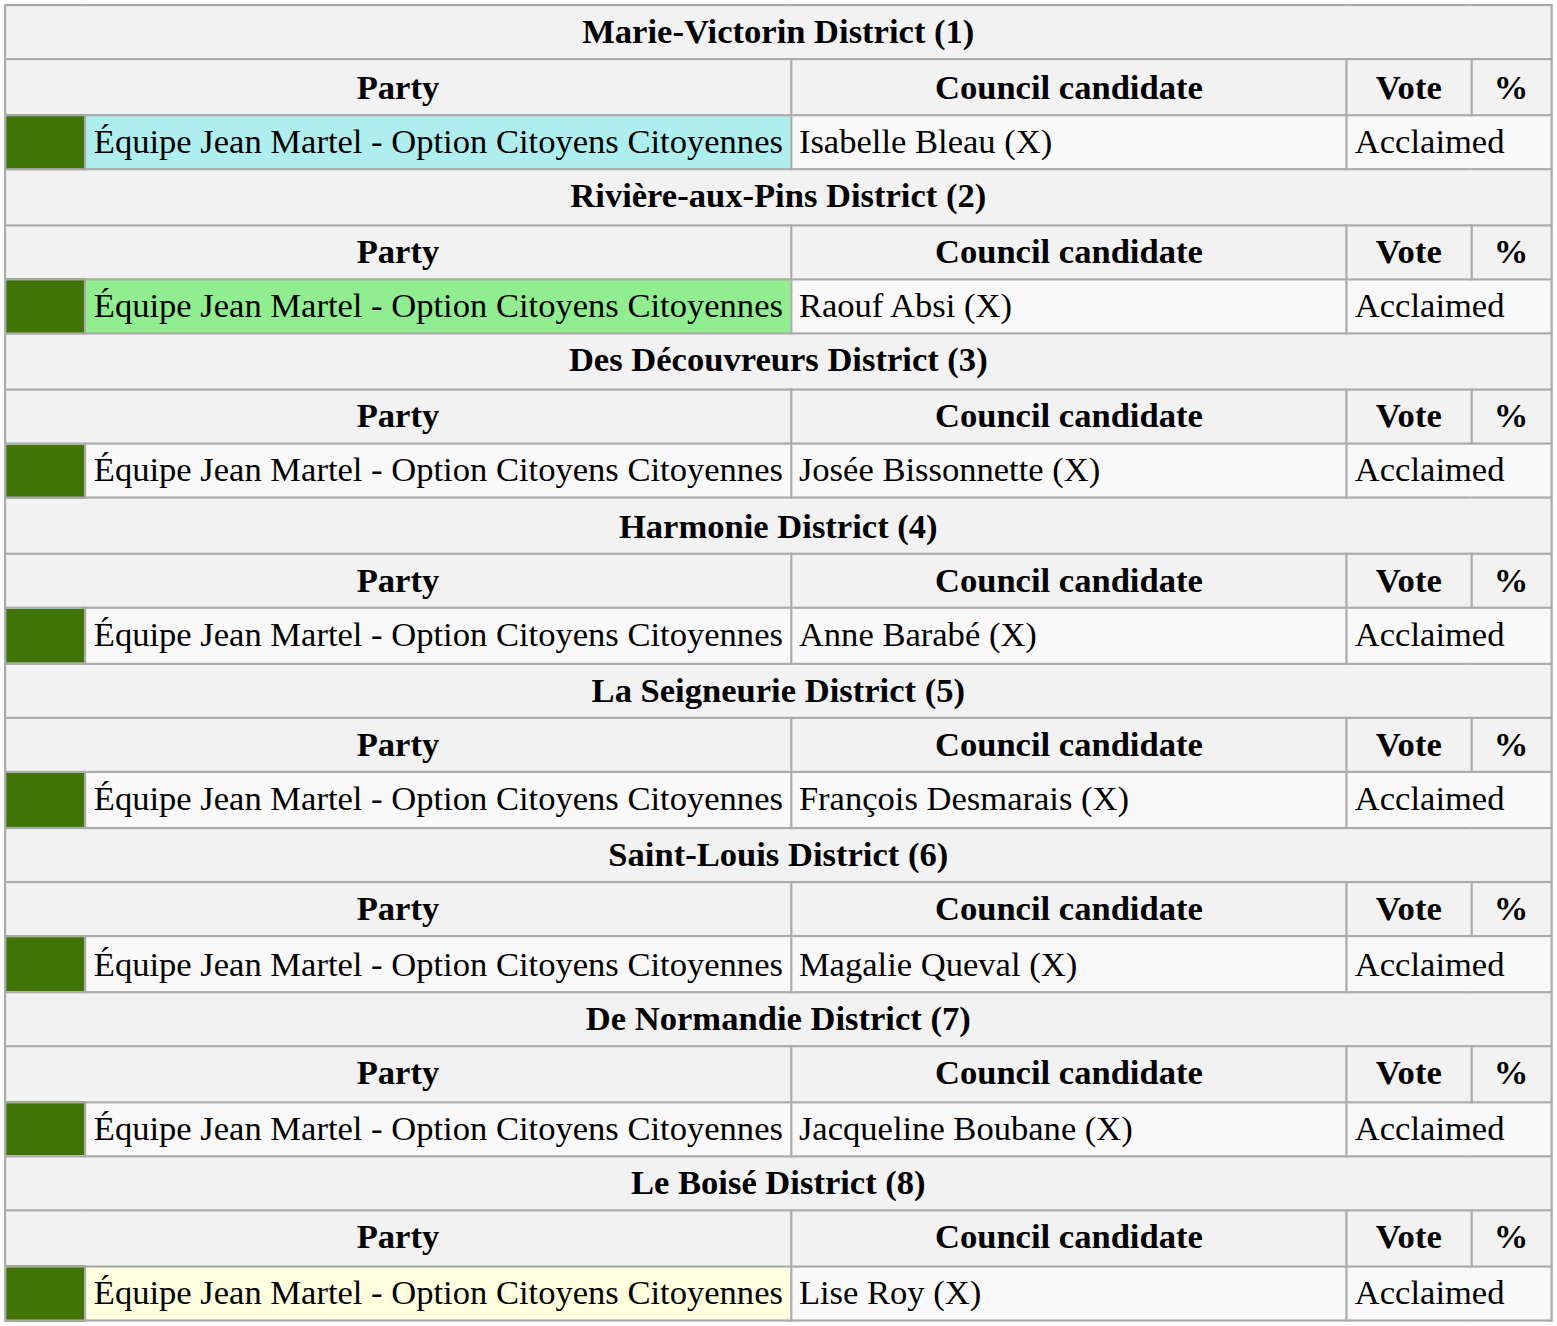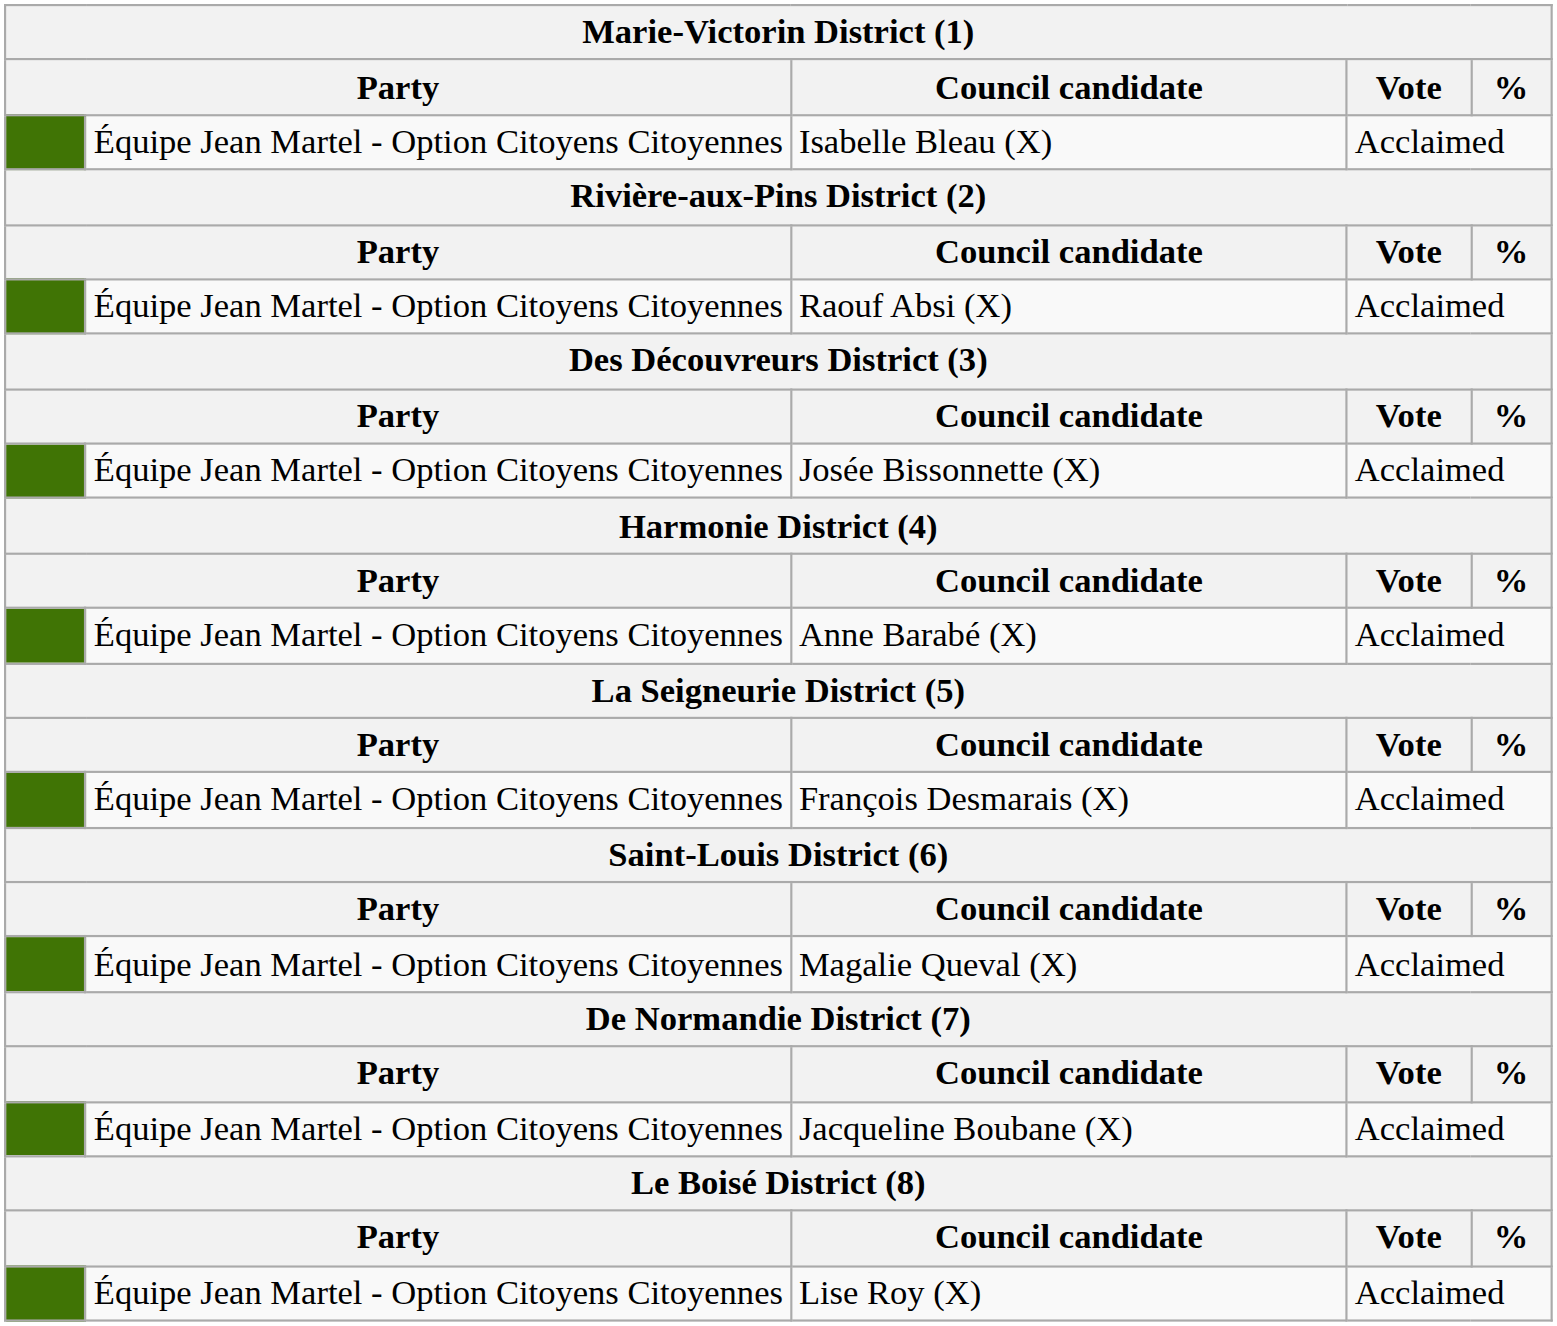 <table class="wikitable">
 <tr>
 <th colspan="5">Marie-Victorin District (1)</th>
 </tr>
 <tr>
 <th bgcolor="#DDDDFF" width="230px" colspan="2">Party</th>
 <th bgcolor="#DDDDFF" width="250px">Council candidate</th>
 <th bgcolor="#DDDDFF" width="50px">Vote</th>
 <th bgcolor="#DDDDFF" width="30px">%</th>
 </tr>
 <tr>
 <td bgcolor=#407405 width="30px"> </td>
-<td style="background: paleturquoise;">Équipe Jean Martel - Option Citoyens Citoyennes</td>
+<td>Équipe Jean Martel - Option Citoyens Citoyennes</td>
 <td>Isabelle Bleau  (X)</td>
 <td colspan="2">Acclaimed</td>
 </tr>
 <tr>
 <th colspan="5">Rivière-aux-Pins District (2)</th>
 </tr>
 <tr>
 <th bgcolor="#DDDDFF" width="230px" colspan="2">Party</th>
 <th bgcolor="#DDDDFF" width="250px">Council candidate</th>
 <th bgcolor="#DDDDFF" width="50px">Vote</th>
 <th bgcolor="#DDDDFF" width="30px">%</th>
 </tr>
 <tr>
 <td bgcolor=#407405 width="30px"> </td>
-<td style="background: lightgreen;">Équipe Jean Martel - Option Citoyens Citoyennes</td>
+<td>Équipe Jean Martel - Option Citoyens Citoyennes</td>
 <td>Raouf Absi  (X)</td>
 <td colspan="2">Acclaimed</td>
 </tr>
 <tr>
 <th colspan="5">Des Découvreurs District (3)</th>
 </tr>
 <tr>
 <th bgcolor="#DDDDFF" width="230px" colspan="2">Party</th>
 <th bgcolor="#DDDDFF" width="250px">Council candidate</th>
 <th bgcolor="#DDDDFF" width="50px">Vote</th>
 <th bgcolor="#DDDDFF" width="30px">%</th>
 </tr>
 <tr>
 <td bgcolor=#407405 width="30px"> </td>
 <td>Équipe Jean Martel - Option Citoyens Citoyennes</td>
 <td>Josée Bissonnette (X)</td>
 <td colspan="2">Acclaimed</td>
 </tr>
 <tr>
 <th colspan="5">Harmonie District (4)</th>
 </tr>
 <tr>
 <th bgcolor="#DDDDFF" width="230px" colspan="2">Party</th>
 <th bgcolor="#DDDDFF" width="250px">Council candidate</th>
 <th bgcolor="#DDDDFF" width="50px">Vote</th>
 <th bgcolor="#DDDDFF" width="30px">%</th>
 </tr>
 <tr>
 <td bgcolor=#407405 width="30px"> </td>
 <td>Équipe Jean Martel - Option Citoyens Citoyennes</td>
 <td>Anne Barabé (X)</td>
 <td colspan="2">Acclaimed</td>
 </tr>
 <tr>
 <th colspan="5">La Seigneurie District (5)</th>
 </tr>
 <tr>
 <th bgcolor="#DDDDFF" width="230px" colspan="2">Party</th>
 <th bgcolor="#DDDDFF" width="250px">Council candidate</th>
 <th bgcolor="#DDDDFF" width="50px">Vote</th>
 <th bgcolor="#DDDDFF" width="30px">%</th>
 </tr>
 <tr>
 <td bgcolor=#407405 width="30px"> </td>
 <td>Équipe Jean Martel - Option Citoyens Citoyennes</td>
 <td>François Desmarais (X)</td>
 <td colspan="2">Acclaimed</td>
 </tr>
 <tr>
 <th colspan="5">Saint-Louis District (6)</th>
 </tr>
 <tr>
 <th bgcolor="#DDDDFF" width="230px" colspan="2">Party</th>
 <th bgcolor="#DDDDFF" width="250px">Council candidate</th>
 <th bgcolor="#DDDDFF" width="50px">Vote</th>
 <th bgcolor="#DDDDFF" width="30px">%</th>
 </tr>
 <tr>
 <td bgcolor=#407405 width="30px"> </td>
 <td>Équipe Jean Martel - Option Citoyens Citoyennes</td>
 <td>Magalie Queval (X)</td>
 <td colspan="2">Acclaimed</td>
 </tr>
 <tr>
 <th colspan="5">De Normandie District (7)</th>
 </tr>
 <tr>
 <th bgcolor="#DDDDFF" width="230px" colspan="2">Party</th>
 <th bgcolor="#DDDDFF" width="250px">Council candidate</th>
 <th bgcolor="#DDDDFF" width="50px">Vote</th>
 <th bgcolor="#DDDDFF" width="30px">%</th>
 </tr>
 <tr>
 <td bgcolor=#407405 width="30px"> </td>
 <td>Équipe Jean Martel - Option Citoyens Citoyennes</td>
 <td>Jacqueline Boubane (X)</td>
 <td colspan="2">Acclaimed</td>
 </tr>
 <tr>
 <th colspan="5">Le Boisé District (8)</th>
 </tr>
 <tr>
 <th bgcolor="#DDDDFF" width="230px" colspan="2">Party</th>
 <th bgcolor="#DDDDFF" width="250px">Council candidate</th>
 <th bgcolor="#DDDDFF" width="50px">Vote</th>
 <th bgcolor="#DDDDFF" width="30px">%</th>
 </tr>
 <tr>
 <td bgcolor=#407405 width="30px"> </td>
-<td style="background: lightyellow;">Équipe Jean Martel - Option Citoyens Citoyennes</td>
+<td>Équipe Jean Martel - Option Citoyens Citoyennes</td>
 <td>Lise Roy (X)</td>
 <td colspan="2">Acclaimed</td>
 </tr>
 </table>
